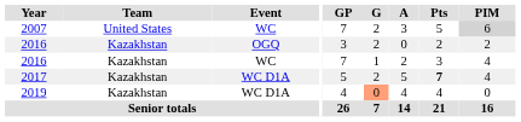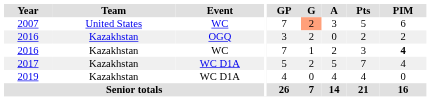 <table border="0" cellpadding="1" cellspacing="0" ID="Table3" style="text-align:center; width:40em;">
 <tr bgcolor="#e0e0e0">
 <th>Year</th>
 <th>Team</th>
 <th>Event</th>
 <th rowspan="102" bgcolor="#ffffff"></th>
 <th>GP</th>
 <th>G</th>
 <th>A</th>
 <th>Pts</th>
 <th>PIM</th>
 </tr>
 <tr>
 <td><a href='#'>2007</a></td>
 <td><a href='#'>United States</a></td>
 <td><a href='#'>WC</a></td>
 <td>7</td>
-<td>2</td>
+<td style="background: lightsalmon;">2</td>
 <td>3</td>
 <td>5</td>
-<td style="background: lightgrey;">6</td>
+<td>6</td>
 </tr>
 <tr bgcolor="#f0f0f0">
 <td><a href='#'>2016</a></td>
 <td><a href='#'>Kazakhstan</a></td>
 <td><a href='#'>OGQ</a></td>
 <td>3</td>
 <td>2</td>
 <td>0</td>
 <td>2</td>
 <td>2</td>
 </tr>
 <tr>
 <td><a href='#'>2016</a></td>
 <td>Kazakhstan</td>
 <td>WC</td>
 <td>7</td>
 <td>1</td>
 <td>2</td>
 <td>3</td>
-<td>4</td>
+<td><strong>4</strong></td>
 </tr>
 <tr bgcolor="#f0f0f0">
 <td><a href='#'>2017</a></td>
 <td>Kazakhstan</td>
 <td><a href='#'>WC D1A</a></td>
 <td>5</td>
 <td>2</td>
 <td>5</td>
-<td><strong>7</strong></td>
+<td>7</td>
 <td>4</td>
 </tr>
 <tr>
 <td><a href='#'>2019</a></td>
 <td>Kazakhstan</td>
 <td>WC D1A</td>
 <td>4</td>
-<td style="background: lightsalmon;">0</td>
+<td>0</td>
 <td>4</td>
 <td>4</td>
 <td>0</td>
 </tr>
 <tr bgcolor="#e0e0e0">
 <th colspan="3">Senior totals</th>
 <th>26</th>
 <th>7</th>
 <th>14</th>
 <th>21</th>
 <th>16</th>
 </tr>
 </table>
